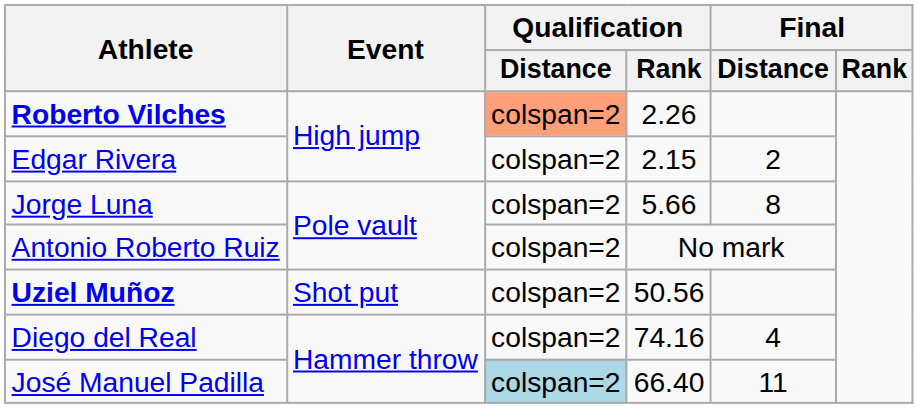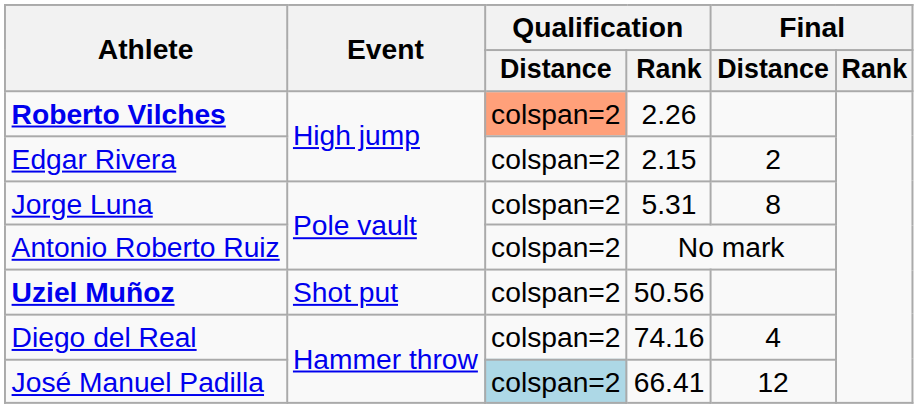 <table class=wikitable style="font-size:90%;">
 <tr>
 <th rowspan=2>Athlete</th>
 <th rowspan=2>Event</th>
 <th colspan=2>Qualification</th>
 <th colspan=2>Final</th>
 </tr>
 <tr style="font-size:95%">
 <th>Distance</th>
 <th>Rank</th>
 <th>Distance</th>
 <th>Rank</th>
 </tr>
 <tr align=center>
 <td align=left><strong><a href='#'>Roberto Vilches</a></strong></td>
 <td align=left rowspan=2><a href='#'>High jump</a></td>
 <td style="background: lightsalmon;">colspan=2 </td>
 <td>2.26</td>
 <td></td>
 </tr>
 <tr align=center>
 <td align=left><a href='#'>Edgar Rivera</a></td>
 <td>colspan=2 </td>
 <td>2.15</td>
 <td>2</td>
 </tr>
 <tr align=center>
 <td align=left><a href='#'>Jorge Luna</a></td>
 <td align=left rowspan=2><a href='#'>Pole vault</a></td>
 <td>colspan=2 </td>
-<td>5.66</td>
+<td>5.31</td>
 <td>8</td>
 </tr>
 <tr align=center>
 <td align=left><a href='#'>Antonio Roberto Ruiz</a></td>
 <td>colspan=2 </td>
 <td colspan=2>No mark</td>
 </tr>
 <tr align=center>
 <td align=left><strong><a href='#'>Uziel Muñoz</a></strong></td>
 <td align=left><a href='#'>Shot put</a></td>
 <td>colspan=2 </td>
 <td>50.56</td>
 <td></td>
 </tr>
 <tr align=center>
 <td align=left><a href='#'>Diego del Real</a></td>
 <td align=left rowspan=2><a href='#'>Hammer throw</a></td>
 <td>colspan=2 </td>
 <td>74.16</td>
 <td>4</td>
 </tr>
 <tr align=center>
 <td align=left><a href='#'>José Manuel Padilla</a></td>
 <td style="background: lightblue;">colspan=2 </td>
-<td>66.40</td>
-<td>11</td>
+<td>66.41</td>
+<td>12</td>
 </tr>
 </table>
